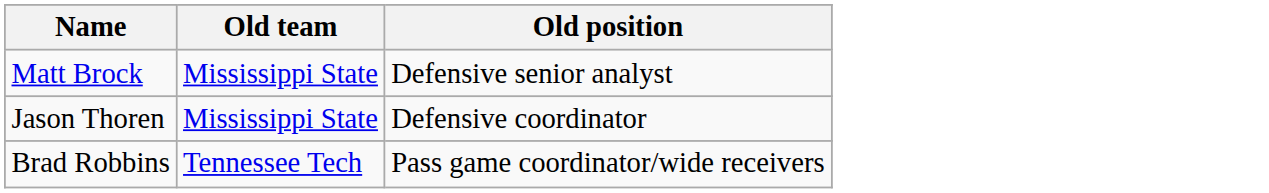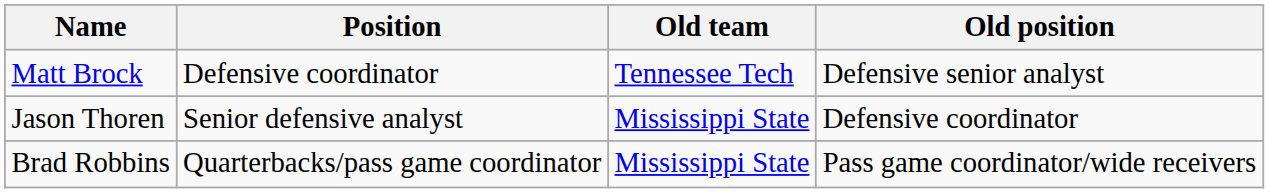 <table class="wikitable">
 <tr>
 <th style="text-align:center; ">Name</th>
+<th style="text-align:center; ">Position</th>
 <th style="text-align:center; ">Old team</th>
 <th style="text-align:center; ">Old position</th>
 </tr>
 <tr>
 <td><a href='#'>Matt Brock</a></td>
-<td><a href='#'>Mississippi State</a></td>
+<td>Defensive coordinator</td>
+<td><a href='#'>Tennessee Tech</a></td>
 <td>Defensive senior analyst</td>
 </tr>
 <tr>
 <td>Jason Thoren</td>
+<td>Senior defensive analyst</td>
 <td><a href='#'>Mississippi State</a></td>
 <td>Defensive coordinator</td>
 </tr>
 <tr>
 <td>Brad Robbins</td>
-<td><a href='#'>Tennessee Tech</a></td>
+<td>Quarterbacks/pass game coordinator</td>
+<td><a href='#'>Mississippi State</a></td>
 <td>Pass game coordinator/wide receivers</td>
 </tr>
 </table>
